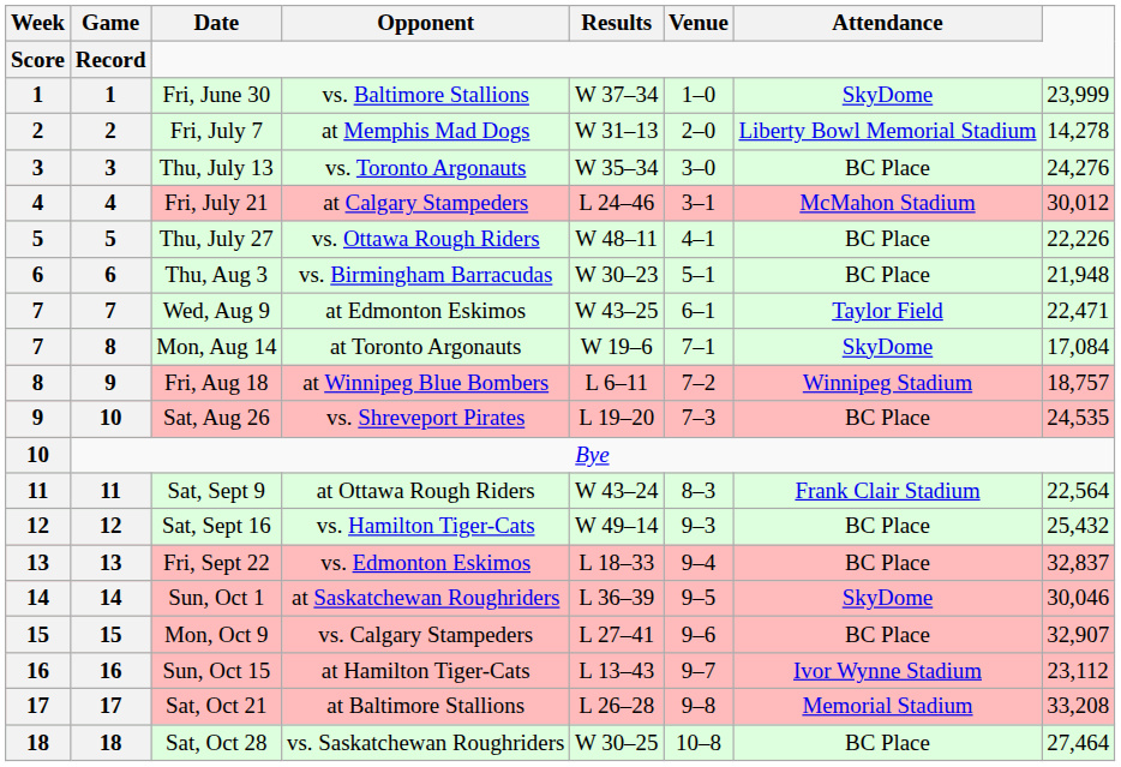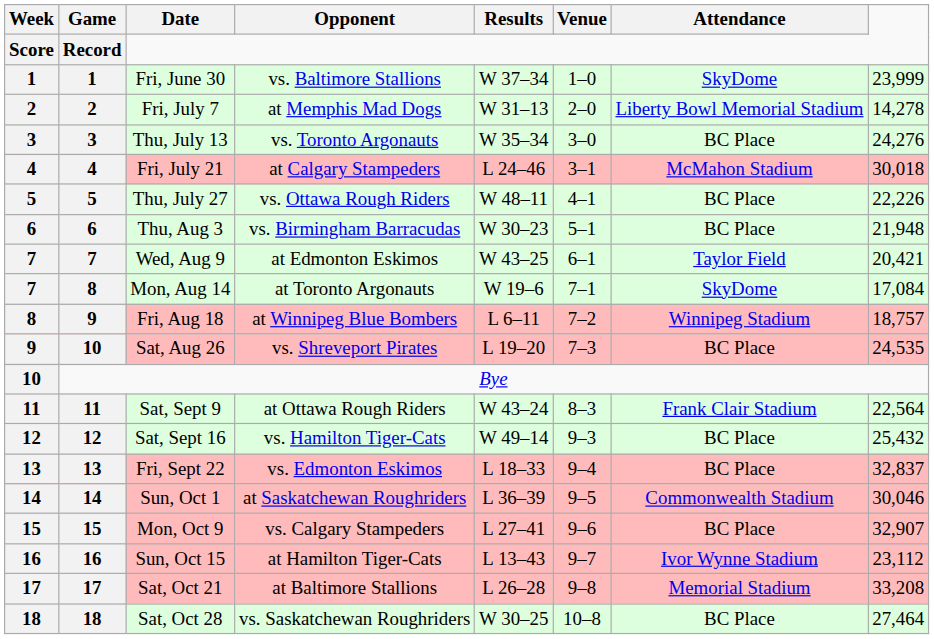 <table class="wikitable" style="text-align:center">
 <tr>
 <th>Week</th>
 <th>Game</th>
 <th>Date</th>
 <th>Opponent</th>
 <th>Results</th>
 <th>Venue</th>
 <th>Attendance</th>
 </tr>
 <tr>
 <th>Score</th>
 <th>Record</th>
 </tr>
 <tr style="background:#ddffdd">
 <th>1</th>
 <th>1</th>
 <td>Fri, June 30</td>
 <td>vs. <a href='#'>Baltimore Stallions</a></td>
 <td>W 37–34</td>
 <td>1–0</td>
 <td><a href='#'>SkyDome</a></td>
 <td>23,999</td>
 </tr>
 <tr style="background:#ddffdd">
 <th>2</th>
 <th>2</th>
 <td>Fri, July 7</td>
 <td>at <a href='#'>Memphis Mad Dogs</a></td>
 <td>W 31–13</td>
 <td>2–0</td>
 <td><a href='#'>Liberty Bowl Memorial Stadium</a></td>
 <td>14,278</td>
 </tr>
 <tr style="background:#ddffdd">
 <th>3</th>
 <th>3</th>
 <td>Thu, July 13</td>
 <td>vs. <a href='#'>Toronto Argonauts</a></td>
 <td>W 35–34</td>
 <td>3–0</td>
 <td>BC Place</td>
 <td>24,276</td>
 </tr>
 <tr style="background:#ffbbbb">
 <th>4</th>
 <th>4</th>
 <td>Fri, July 21</td>
 <td>at <a href='#'>Calgary Stampeders</a></td>
 <td>L 24–46</td>
 <td>3–1</td>
 <td><a href='#'>McMahon Stadium</a></td>
-<td>30,012</td>
+<td>30,018</td>
 </tr>
 <tr style="background:#ddffdd">
 <th>5</th>
 <th>5</th>
 <td>Thu, July 27</td>
 <td>vs. <a href='#'>Ottawa Rough Riders</a></td>
 <td>W 48–11</td>
 <td>4–1</td>
 <td>BC Place</td>
 <td>22,226</td>
 </tr>
 <tr style="background:#ddffdd">
 <th>6</th>
 <th>6</th>
 <td>Thu, Aug 3</td>
 <td>vs. <a href='#'>Birmingham Barracudas</a></td>
 <td>W 30–23 </td>
 <td>5–1</td>
 <td>BC Place</td>
 <td>21,948</td>
 </tr>
 <tr style="background:#ddffdd">
 <th>7</th>
 <th>7</th>
 <td>Wed, Aug 9</td>
 <td>at Edmonton Eskimos</td>
 <td>W 43–25</td>
 <td>6–1</td>
 <td><a href='#'>Taylor Field</a></td>
-<td>22,471</td>
+<td>20,421</td>
 </tr>
 <tr style="background:#ddffdd">
 <th>7</th>
 <th>8</th>
 <td>Mon, Aug 14</td>
 <td>at Toronto Argonauts</td>
 <td>W 19–6</td>
 <td>7–1</td>
 <td><a href='#'>SkyDome</a></td>
 <td>17,084</td>
 </tr>
 <tr style="background:#ffbbbb">
 <th>8</th>
 <th>9</th>
 <td>Fri, Aug 18</td>
 <td>at <a href='#'>Winnipeg Blue Bombers</a></td>
 <td>L 6–11</td>
 <td>7–2</td>
 <td><a href='#'>Winnipeg Stadium</a></td>
 <td>18,757</td>
 </tr>
 <tr style="background:#ffbbbb">
 <th>9</th>
 <th>10</th>
 <td>Sat, Aug 26</td>
 <td>vs. <a href='#'>Shreveport Pirates</a></td>
 <td>L 19–20</td>
 <td>7–3</td>
 <td>BC Place</td>
 <td>24,535</td>
 </tr>
 <tr>
 <th>10</th>
 <td colspan=7><em><a href='#'>Bye</a></em></td>
 </tr>
 <tr style="background:#ddffdd">
 <th>11</th>
 <th>11</th>
 <td>Sat, Sept 9</td>
 <td>at Ottawa Rough Riders</td>
 <td>W 43–24</td>
 <td>8–3</td>
 <td><a href='#'>Frank Clair Stadium</a></td>
 <td>22,564</td>
 </tr>
 <tr style="background:#ddffdd">
 <th>12</th>
 <th>12</th>
 <td>Sat, Sept 16</td>
 <td>vs. <a href='#'>Hamilton Tiger-Cats</a></td>
 <td>W 49–14</td>
 <td>9–3</td>
 <td>BC Place</td>
 <td>25,432</td>
 </tr>
 <tr style="background:#ffbbbb">
 <th>13</th>
 <th>13</th>
 <td>Fri, Sept 22</td>
 <td>vs. <a href='#'>Edmonton Eskimos</a></td>
 <td>L 18–33</td>
 <td>9–4</td>
 <td>BC Place</td>
 <td>32,837</td>
 </tr>
 <tr style="background:#ffbbbb">
 <th>14</th>
 <th>14</th>
 <td>Sun, Oct 1</td>
 <td>at <a href='#'>Saskatchewan Roughriders</a></td>
 <td>L 36–39</td>
 <td>9–5</td>
-<td><a href='#'>SkyDome</a></td>
+<td><a href='#'>Commonwealth Stadium</a></td>
 <td>30,046</td>
 </tr>
 <tr style="background:#ffbbbb">
 <th>15</th>
 <th>15</th>
 <td>Mon, Oct 9</td>
 <td>vs. Calgary Stampeders</td>
 <td>L 27–41</td>
 <td>9–6</td>
 <td>BC Place</td>
 <td>32,907</td>
 </tr>
 <tr style="background:#ffbbbb">
 <th>16</th>
 <th>16</th>
 <td>Sun, Oct 15</td>
 <td>at Hamilton Tiger-Cats</td>
 <td>L 13–43</td>
 <td>9–7</td>
 <td><a href='#'>Ivor Wynne Stadium</a></td>
 <td>23,112</td>
 </tr>
 <tr style="background:#ffbbbb">
 <th>17</th>
 <th>17</th>
 <td>Sat, Oct 21</td>
 <td>at Baltimore Stallions</td>
 <td>L 26–28</td>
 <td>9–8</td>
 <td><a href='#'>Memorial Stadium</a></td>
 <td>33,208</td>
 </tr>
 <tr style="background:#ddffdd">
 <th>18</th>
 <th>18</th>
 <td>Sat, Oct 28</td>
 <td>vs. Saskatchewan Roughriders</td>
 <td>W 30–25</td>
 <td>10–8</td>
 <td>BC Place</td>
 <td>27,464</td>
 </tr>
 </table>
